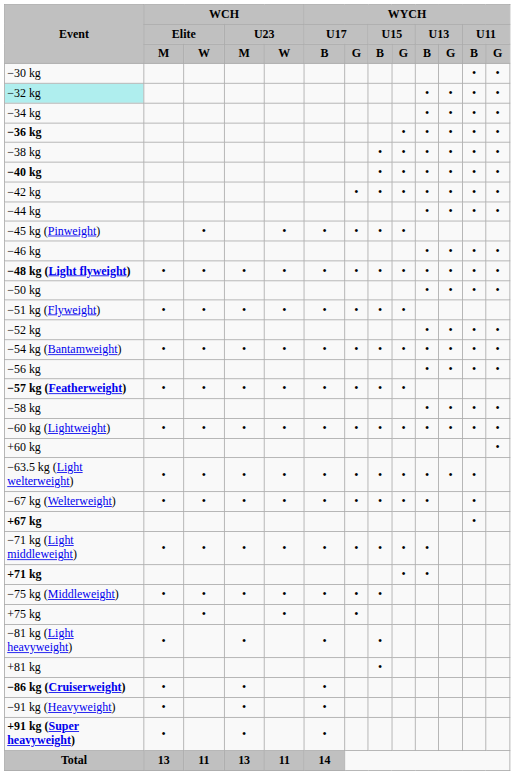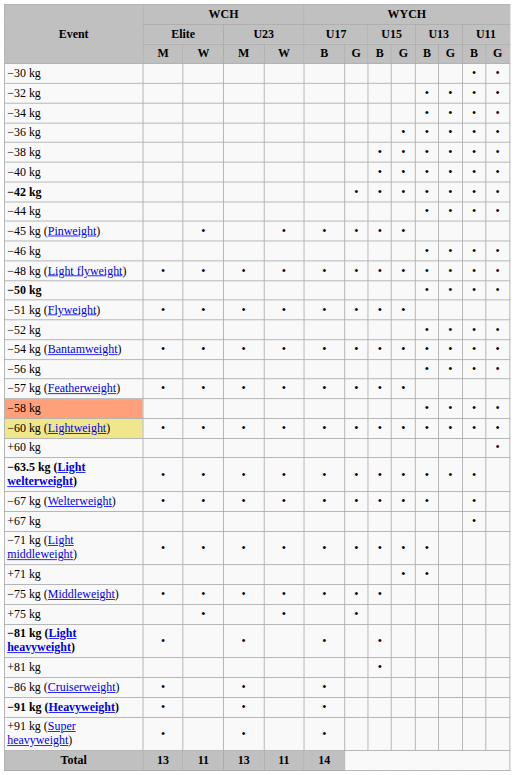 <table class=wikitable style="text-align:center; font-size:90%;">
 <tr>
 <th rowspan=3 style="width: 180px; background-color:#C0C0C0">Event</th>
 <th colspan=4 style="width: 100px; background-color:#C0C0C0">WCH</th>
 <th colspan=8 style="width: 200px; background-color:#C0C0C0">WYCH</th>
 </tr>
 <tr>
 <th colspan=2 style="width: 50px; background-color:#C0C0C0">Elite</th>
 <th colspan=2 style="width: 50px; background-color:#C0C0C0">U23</th>
 <th colspan=2 style="width: 50px; background-color:#C0C0C0">U17</th>
 <th colspan=2 style="width: 50px; background-color:#C0C0C0">U15</th>
 <th colspan=2 style="width: 50px; background-color:#C0C0C0">U13</th>
 <th colspan=2 style="width: 50px; background-color:#C0C0C0">U11</th>
 </tr>
 <tr>
 <th style="width: 25px; background-color:#C0C0C0">M</th>
 <th style="width: 25px; background-color:#C0C0C0">W</th>
 <th style="width: 25px; background-color:#C0C0C0">M</th>
 <th style="width: 25px; background-color:#C0C0C0">W</th>
 <th style="width: 25px; background-color:#C0C0C0">B</th>
 <th style="width: 25px; background-color:#C0C0C0">G</th>
 <th style="width: 25px; background-color:#C0C0C0">B</th>
 <th style="width: 25px; background-color:#C0C0C0">G</th>
 <th style="width: 25px; background-color:#C0C0C0">B</th>
 <th style="width: 25px; background-color:#C0C0C0">G</th>
 <th style="width: 25px; background-color:#C0C0C0">B</th>
 <th style="width: 25px; background-color:#C0C0C0">G</th>
 </tr>
 <tr>
 <td style="text-align:left;">−30 kg</td>
 <td></td>
 <td></td>
 <td></td>
 <td></td>
 <td></td>
 <td></td>
 <td></td>
 <td></td>
 <td></td>
 <td></td>
 <td>•</td>
 <td>•</td>
 </tr>
 <tr>
-<td style="background: paleturquoise; text-align:left;">−32 kg</td>
+<td style="text-align:left;">−32 kg</td>
 <td></td>
 <td></td>
 <td></td>
 <td></td>
 <td></td>
 <td></td>
 <td></td>
 <td></td>
 <td>•</td>
 <td>•</td>
 <td>•</td>
 <td>•</td>
 </tr>
 <tr>
 <td style="text-align:left;">−34 kg</td>
 <td></td>
 <td></td>
 <td></td>
 <td></td>
 <td></td>
 <td></td>
 <td></td>
 <td></td>
 <td>•</td>
 <td>•</td>
 <td>•</td>
 <td>•</td>
 </tr>
 <tr>
-<td style="text-align:left;"><strong>−36 kg</strong></td>
+<td style="text-align:left;">−36 kg</td>
 <td></td>
 <td></td>
 <td></td>
 <td></td>
 <td></td>
 <td></td>
 <td></td>
 <td>•</td>
 <td>•</td>
 <td>•</td>
 <td>•</td>
 <td>•</td>
 </tr>
 <tr>
 <td style="text-align:left;">−38 kg</td>
 <td></td>
 <td></td>
 <td></td>
 <td></td>
 <td></td>
 <td></td>
 <td>•</td>
 <td>•</td>
 <td>•</td>
 <td>•</td>
 <td>•</td>
 <td>•</td>
 </tr>
 <tr>
-<td style="text-align:left;"><strong>−40 kg</strong></td>
+<td style="text-align:left;">−40 kg</td>
 <td></td>
 <td></td>
 <td></td>
 <td></td>
 <td></td>
 <td></td>
 <td>•</td>
 <td>•</td>
 <td>•</td>
 <td>•</td>
 <td>•</td>
 <td>•</td>
 </tr>
 <tr>
-<td style="text-align:left;">−42 kg</td>
+<td style="text-align:left;"><strong>−42 kg</strong></td>
 <td></td>
 <td></td>
 <td></td>
 <td></td>
 <td></td>
 <td>•</td>
 <td>•</td>
 <td>•</td>
 <td>•</td>
 <td>•</td>
 <td>•</td>
 <td>•</td>
 </tr>
 <tr>
 <td style="text-align:left;">−44 kg</td>
 <td></td>
 <td></td>
 <td></td>
 <td></td>
 <td></td>
 <td></td>
 <td></td>
 <td></td>
 <td>•</td>
 <td>•</td>
 <td>•</td>
 <td>•</td>
 </tr>
 <tr>
 <td style="text-align:left;">−45 kg (<a href='#'>Pinweight</a>)</td>
 <td></td>
 <td>•</td>
 <td></td>
 <td>•</td>
 <td>•</td>
 <td>•</td>
 <td>•</td>
 <td>•</td>
 <td></td>
 <td></td>
 <td></td>
 <td></td>
 </tr>
 <tr>
 <td style="text-align:left;">−46 kg</td>
 <td></td>
 <td></td>
 <td></td>
 <td></td>
 <td></td>
 <td></td>
 <td></td>
 <td></td>
 <td>•</td>
 <td>•</td>
 <td>•</td>
 <td>•</td>
 </tr>
 <tr>
-<td style="text-align:left;"><strong>−48 kg (<a href='#'>Light flyweight</a>)</strong></td>
+<td style="text-align:left;">−48 kg (<a href='#'>Light flyweight</a>)</td>
 <td>•</td>
 <td>•</td>
 <td>•</td>
 <td>•</td>
 <td>•</td>
 <td>•</td>
 <td>•</td>
 <td>•</td>
 <td>•</td>
 <td>•</td>
 <td>•</td>
 <td>•</td>
 </tr>
 <tr>
-<td style="text-align:left;">−50 kg</td>
+<td style="text-align:left;"><strong>−50 kg</strong></td>
 <td></td>
 <td></td>
 <td></td>
 <td></td>
 <td></td>
 <td></td>
 <td></td>
 <td></td>
 <td>•</td>
 <td>•</td>
 <td>•</td>
 <td>•</td>
 </tr>
 <tr>
 <td style="text-align:left;">−51 kg (<a href='#'>Flyweight</a>)</td>
 <td>•</td>
 <td>•</td>
 <td>•</td>
 <td>•</td>
 <td>•</td>
 <td>•</td>
 <td>•</td>
 <td>•</td>
 <td></td>
 <td></td>
 <td></td>
 <td></td>
 </tr>
 <tr>
 <td style="text-align:left;">−52 kg</td>
 <td></td>
 <td></td>
 <td></td>
 <td></td>
 <td></td>
 <td></td>
 <td></td>
 <td></td>
 <td>•</td>
 <td>•</td>
 <td>•</td>
 <td>•</td>
 </tr>
 <tr>
 <td style="text-align:left;">−54 kg (<a href='#'>Bantamweight</a>)</td>
 <td>•</td>
 <td>•</td>
 <td>•</td>
 <td>•</td>
 <td>•</td>
 <td>•</td>
 <td>•</td>
 <td>•</td>
 <td>•</td>
 <td>•</td>
 <td>•</td>
 <td>•</td>
 </tr>
 <tr>
 <td style="text-align:left;">−56 kg</td>
 <td></td>
 <td></td>
 <td></td>
 <td></td>
 <td></td>
 <td></td>
 <td></td>
 <td></td>
 <td>•</td>
 <td>•</td>
 <td>•</td>
 <td>•</td>
 </tr>
 <tr>
-<td style="text-align:left;"><strong>−57 kg (<a href='#'>Featherweight</a>)</strong></td>
+<td style="text-align:left;">−57 kg (<a href='#'>Featherweight</a>)</td>
 <td>•</td>
 <td>•</td>
 <td>•</td>
 <td>•</td>
 <td>•</td>
 <td>•</td>
 <td>•</td>
 <td>•</td>
 <td></td>
 <td></td>
 <td></td>
 <td></td>
 </tr>
 <tr>
-<td style="text-align:left;">−58 kg</td>
+<td style="background: lightsalmon; text-align:left;">−58 kg</td>
 <td></td>
 <td></td>
 <td></td>
 <td></td>
 <td></td>
 <td></td>
 <td></td>
 <td></td>
 <td>•</td>
 <td>•</td>
 <td>•</td>
 <td>•</td>
 </tr>
 <tr>
-<td style="text-align:left;">−60 kg (<a href='#'>Lightweight</a>)</td>
+<td style="background: khaki; text-align:left;">−60 kg (<a href='#'>Lightweight</a>)</td>
 <td>•</td>
 <td>•</td>
 <td>•</td>
 <td>•</td>
 <td>•</td>
 <td>•</td>
 <td>•</td>
 <td>•</td>
 <td>•</td>
 <td>•</td>
 <td>•</td>
 <td>•</td>
 </tr>
 <tr>
 <td style="text-align:left;">+60 kg</td>
 <td></td>
 <td></td>
 <td></td>
 <td></td>
 <td></td>
 <td></td>
 <td></td>
 <td></td>
 <td></td>
 <td></td>
 <td></td>
 <td>•</td>
 </tr>
 <tr>
-<td style="text-align:left;">−63.5 kg (<a href='#'>Light welterweight</a>)</td>
+<td style="text-align:left;"><strong>−63.5 kg (<a href='#'>Light welterweight</a>)</strong></td>
 <td>•</td>
 <td>•</td>
 <td>•</td>
 <td>•</td>
 <td>•</td>
 <td>•</td>
 <td>•</td>
 <td>•</td>
 <td>•</td>
 <td>•</td>
 <td>•</td>
 <td></td>
 </tr>
 <tr>
 <td style="text-align:left;">−67 kg (<a href='#'>Welterweight</a>)</td>
 <td>•</td>
 <td>•</td>
 <td>•</td>
 <td>•</td>
 <td>•</td>
 <td>•</td>
 <td>•</td>
 <td>•</td>
 <td>•</td>
 <td></td>
 <td>•</td>
 <td></td>
 </tr>
 <tr>
-<td style="text-align:left;"><strong>+67 kg</strong></td>
+<td style="text-align:left;">+67 kg</td>
 <td></td>
 <td></td>
 <td></td>
 <td></td>
 <td></td>
 <td></td>
 <td></td>
 <td></td>
 <td></td>
 <td></td>
 <td>•</td>
 <td></td>
 </tr>
 <tr>
 <td style="text-align:left;">−71 kg (<a href='#'>Light middleweight</a>)</td>
 <td>•</td>
 <td>•</td>
 <td>•</td>
 <td>•</td>
 <td>•</td>
 <td>•</td>
 <td>•</td>
 <td>•</td>
 <td>•</td>
 <td></td>
 <td></td>
 <td></td>
 </tr>
 <tr>
-<td style="text-align:left;"><strong>+71 kg</strong></td>
+<td style="text-align:left;">+71 kg</td>
 <td></td>
 <td></td>
 <td></td>
 <td></td>
 <td></td>
 <td></td>
 <td></td>
 <td>•</td>
 <td>•</td>
 <td></td>
 <td></td>
 <td></td>
 </tr>
 <tr>
 <td style="text-align:left;">−75 kg (<a href='#'>Middleweight</a>)</td>
 <td>•</td>
 <td>•</td>
 <td>•</td>
 <td>•</td>
 <td>•</td>
 <td>•</td>
 <td>•</td>
 <td></td>
 <td></td>
 <td></td>
 <td></td>
 <td></td>
 </tr>
 <tr>
 <td style="text-align:left;">+75 kg</td>
 <td></td>
 <td>•</td>
 <td></td>
 <td>•</td>
 <td></td>
 <td>•</td>
 <td></td>
 <td></td>
 <td></td>
 <td></td>
 <td></td>
 <td></td>
 </tr>
 <tr>
-<td style="text-align:left;">−81 kg (<a href='#'>Light heavyweight</a>)</td>
+<td style="text-align:left;"><strong>−81 kg (<a href='#'>Light heavyweight</a>)</strong></td>
 <td>•</td>
 <td></td>
 <td>•</td>
 <td></td>
 <td>•</td>
 <td></td>
 <td>•</td>
 <td></td>
 <td></td>
 <td></td>
 <td></td>
 <td></td>
 </tr>
 <tr>
 <td style="text-align:left;">+81 kg</td>
 <td></td>
 <td></td>
 <td></td>
 <td></td>
 <td></td>
 <td></td>
 <td>•</td>
 <td></td>
 <td></td>
 <td></td>
 <td></td>
 <td></td>
 </tr>
 <tr>
-<td style="text-align:left;"><strong>−86 kg (<a href='#'>Cruiserweight</a>)</strong></td>
+<td style="text-align:left;">−86 kg (<a href='#'>Cruiserweight</a>)</td>
 <td>•</td>
 <td></td>
 <td>•</td>
 <td></td>
 <td>•</td>
 <td></td>
 <td></td>
 <td></td>
 <td></td>
 <td></td>
 <td></td>
 <td></td>
 </tr>
 <tr>
-<td style="text-align:left;">−91 kg (<a href='#'>Heavyweight</a>)</td>
+<td style="text-align:left;"><strong>−91 kg (<a href='#'>Heavyweight</a>)</strong></td>
 <td>•</td>
 <td></td>
 <td>•</td>
 <td></td>
 <td>•</td>
 <td></td>
 <td></td>
 <td></td>
 <td></td>
 <td></td>
 <td></td>
 <td></td>
 </tr>
 <tr>
-<td style="text-align:left;"><strong>+91 kg (<a href='#'>Super heavyweight</a>)</strong></td>
+<td style="text-align:left;">+91 kg (<a href='#'>Super heavyweight</a>)</td>
 <td>•</td>
 <td></td>
 <td>•</td>
 <td></td>
 <td>•</td>
 <td></td>
 <td></td>
 <td></td>
 <td></td>
 <td></td>
 <td></td>
 <td></td>
 </tr>
 <tr>
 <th style="width: 180px; background-color:#C0C0C0">Total</th>
 <th style="width: 50px; background-color:#C0C0C0">13</th>
 <th style="width: 50px; background-color:#C0C0C0">11</th>
 <th style="width: 50px; background-color:#C0C0C0">13</th>
 <th style="width: 50px; background-color:#C0C0C0">11</th>
 <th style="width: 50px; background-color:#C0C0C0">14</th>
 </tr>
 </table>
